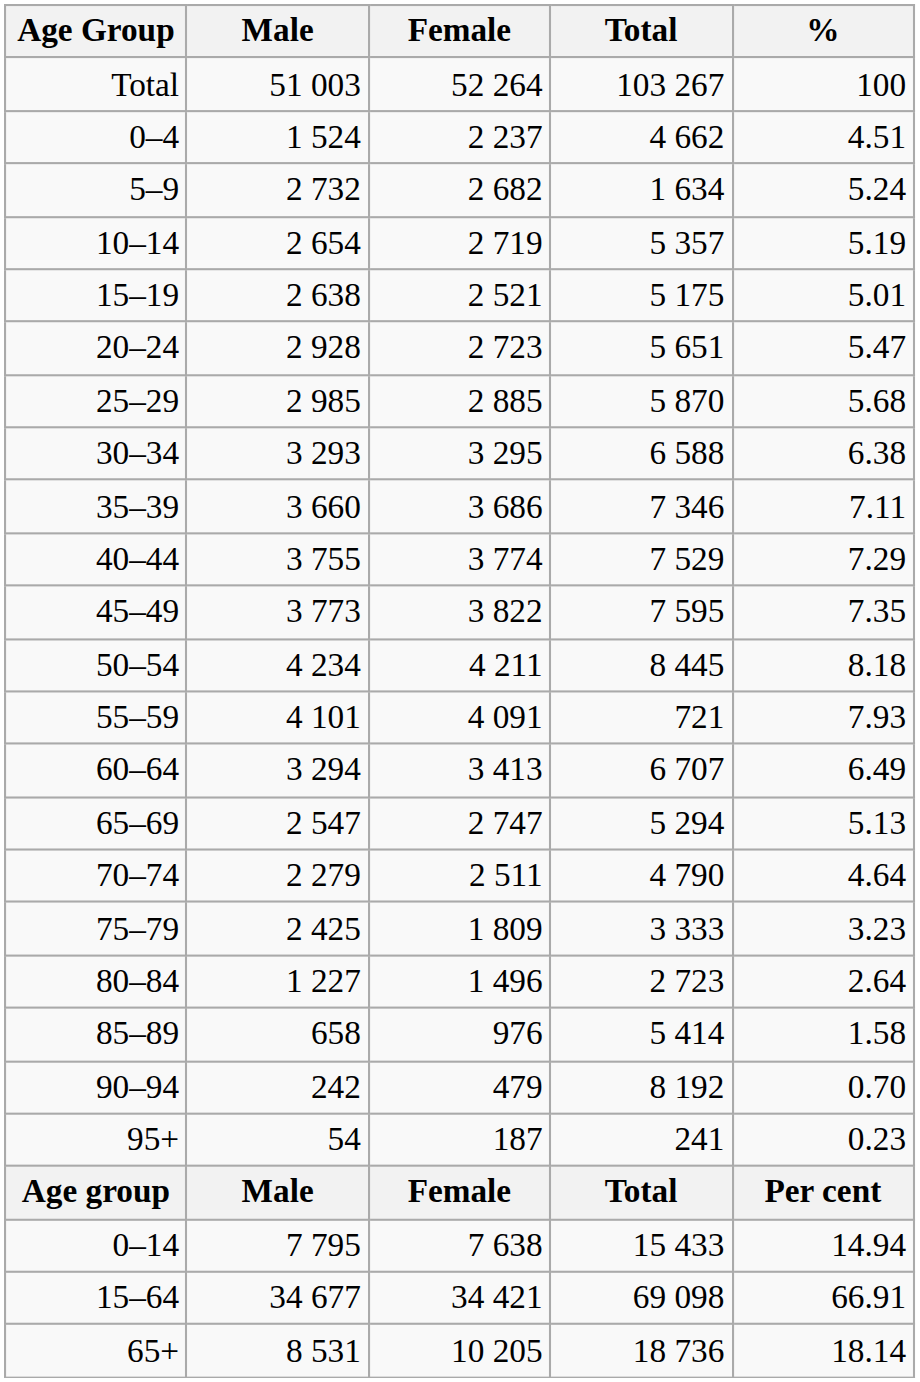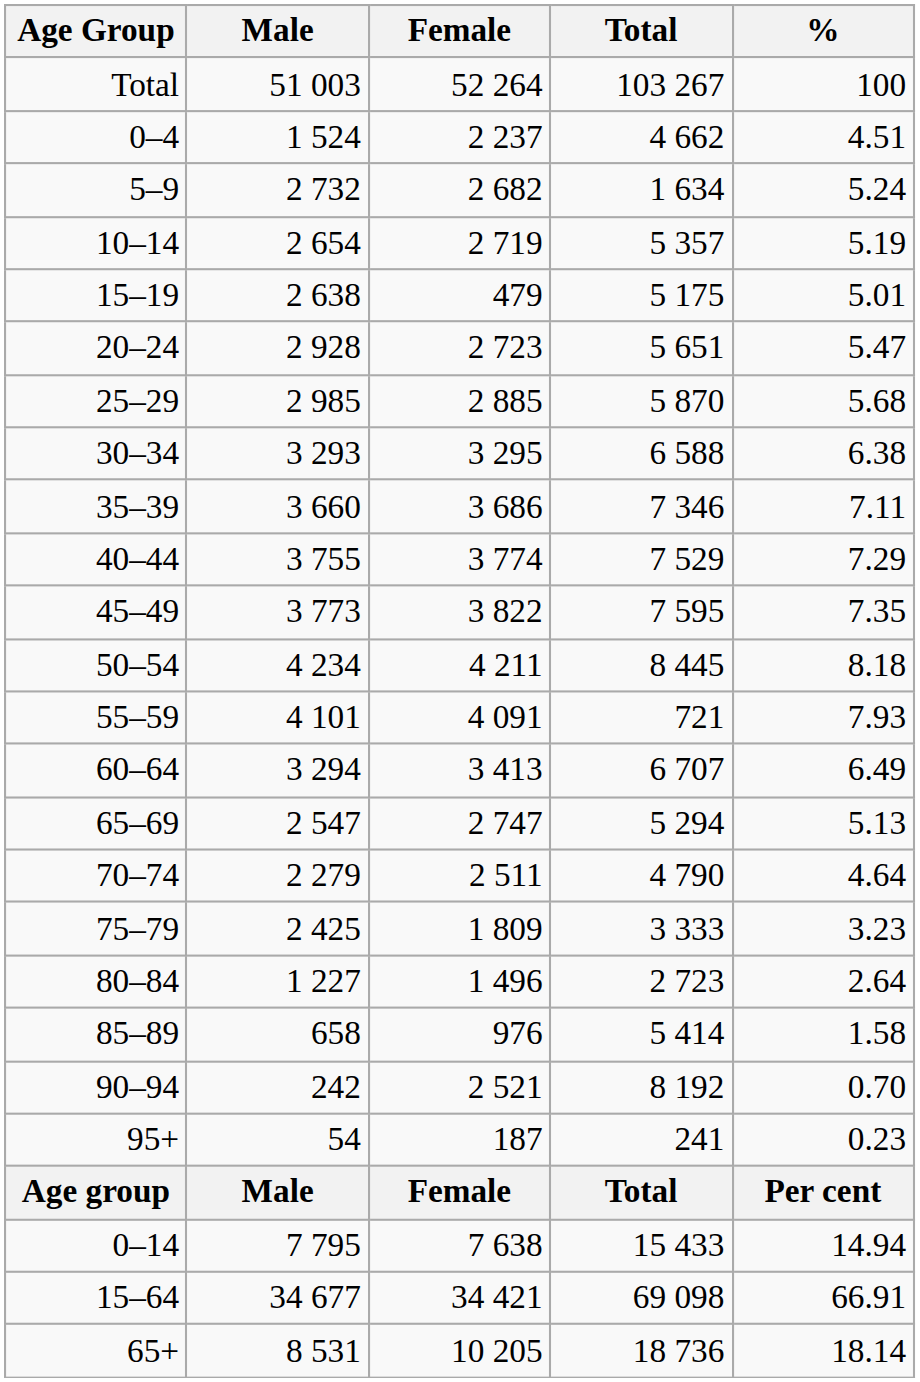 <table class="wikitable">
 <tr>
 <th width="80pt">Age Group</th>
 <th width="80pt">Male</th>
 <th width="80pt">Female</th>
 <th width="80pt">Total</th>
 <th width="80pt">%</th>
 </tr>
 <tr>
 <td align="right">Total</td>
 <td align="right">51 003</td>
 <td align="right">52 264</td>
 <td align="right">103 267</td>
 <td align="right">100</td>
 </tr>
 <tr>
 <td align="right">0–4</td>
 <td align="right">1 524</td>
 <td align="right">2 237</td>
 <td align="right">4 662</td>
 <td align="right">4.51</td>
 </tr>
 <tr>
 <td align="right">5–9</td>
 <td align="right">2 732</td>
 <td align="right">2 682</td>
 <td align="right">1 634</td>
 <td align="right">5.24</td>
 </tr>
 <tr>
 <td align="right">10–14</td>
 <td align="right">2 654</td>
 <td align="right">2 719</td>
 <td align="right">5 357</td>
 <td align="right">5.19</td>
 </tr>
 <tr>
 <td align="right">15–19</td>
 <td align="right">2 638</td>
-<td align="right">2 521</td>
+<td align="right">479</td>
 <td align="right">5 175</td>
 <td align="right">5.01</td>
 </tr>
 <tr>
 <td align="right">20–24</td>
 <td align="right">2 928</td>
 <td align="right">2 723</td>
 <td align="right">5 651</td>
 <td align="right">5.47</td>
 </tr>
 <tr>
 <td align="right">25–29</td>
 <td align="right">2 985</td>
 <td align="right">2 885</td>
 <td align="right">5 870</td>
 <td align="right">5.68</td>
 </tr>
 <tr>
 <td align="right">30–34</td>
 <td align="right">3 293</td>
 <td align="right">3 295</td>
 <td align="right">6 588</td>
 <td align="right">6.38</td>
 </tr>
 <tr>
 <td align="right">35–39</td>
 <td align="right">3 660</td>
 <td align="right">3 686</td>
 <td align="right">7 346</td>
 <td align="right">7.11</td>
 </tr>
 <tr>
 <td align="right">40–44</td>
 <td align="right">3 755</td>
 <td align="right">3 774</td>
 <td align="right">7 529</td>
 <td align="right">7.29</td>
 </tr>
 <tr>
 <td align="right">45–49</td>
 <td align="right">3 773</td>
 <td align="right">3 822</td>
 <td align="right">7 595</td>
 <td align="right">7.35</td>
 </tr>
 <tr>
 <td align="right">50–54</td>
 <td align="right">4 234</td>
 <td align="right">4 211</td>
 <td align="right">8 445</td>
 <td align="right">8.18</td>
 </tr>
 <tr>
 <td align="right">55–59</td>
 <td align="right">4 101</td>
 <td align="right">4 091</td>
 <td align="right">721</td>
 <td align="right">7.93</td>
 </tr>
 <tr>
 <td align="right">60–64</td>
 <td align="right">3 294</td>
 <td align="right">3 413</td>
 <td align="right">6 707</td>
 <td align="right">6.49</td>
 </tr>
 <tr>
 <td align="right">65–69</td>
 <td align="right">2 547</td>
 <td align="right">2 747</td>
 <td align="right">5 294</td>
 <td align="right">5.13</td>
 </tr>
 <tr>
 <td align="right">70–74</td>
 <td align="right">2 279</td>
 <td align="right">2 511</td>
 <td align="right">4 790</td>
 <td align="right">4.64</td>
 </tr>
 <tr>
 <td align="right">75–79</td>
 <td align="right">2 425</td>
 <td align="right">1 809</td>
 <td align="right">3 333</td>
 <td align="right">3.23</td>
 </tr>
 <tr>
 <td align="right">80–84</td>
 <td align="right">1 227</td>
 <td align="right">1 496</td>
 <td align="right">2 723</td>
 <td align="right">2.64</td>
 </tr>
 <tr>
 <td align="right">85–89</td>
 <td align="right">658</td>
 <td align="right">976</td>
 <td align="right">5 414</td>
 <td align="right">1.58</td>
 </tr>
 <tr>
 <td align="right">90–94</td>
 <td align="right">242</td>
-<td align="right">479</td>
+<td align="right">2 521</td>
 <td align="right">8 192</td>
 <td align="right">0.70</td>
 </tr>
 <tr>
 <td align="right">95+</td>
 <td align="right">54</td>
 <td align="right">187</td>
 <td align="right">241</td>
 <td align="right">0.23</td>
 </tr>
 <tr>
 <th width="50">Age group</th>
 <th width="80pt">Male</th>
 <th width="80">Female</th>
 <th width="80">Total</th>
 <th width="50">Per cent</th>
 </tr>
 <tr>
 <td align="right">0–14</td>
 <td align="right">7 795</td>
 <td align="right">7 638</td>
 <td align="right">15 433</td>
 <td align="right">14.94</td>
 </tr>
 <tr>
 <td align="right">15–64</td>
 <td align="right">34 677</td>
 <td align="right">34 421</td>
 <td align="right">69 098</td>
 <td align="right">66.91</td>
 </tr>
 <tr>
 <td align="right">65+</td>
 <td align="right">8 531</td>
 <td align="right">10 205</td>
 <td align="right">18 736</td>
 <td align="right">18.14</td>
 </tr>
 <tr>
 </tr>
 </table>
